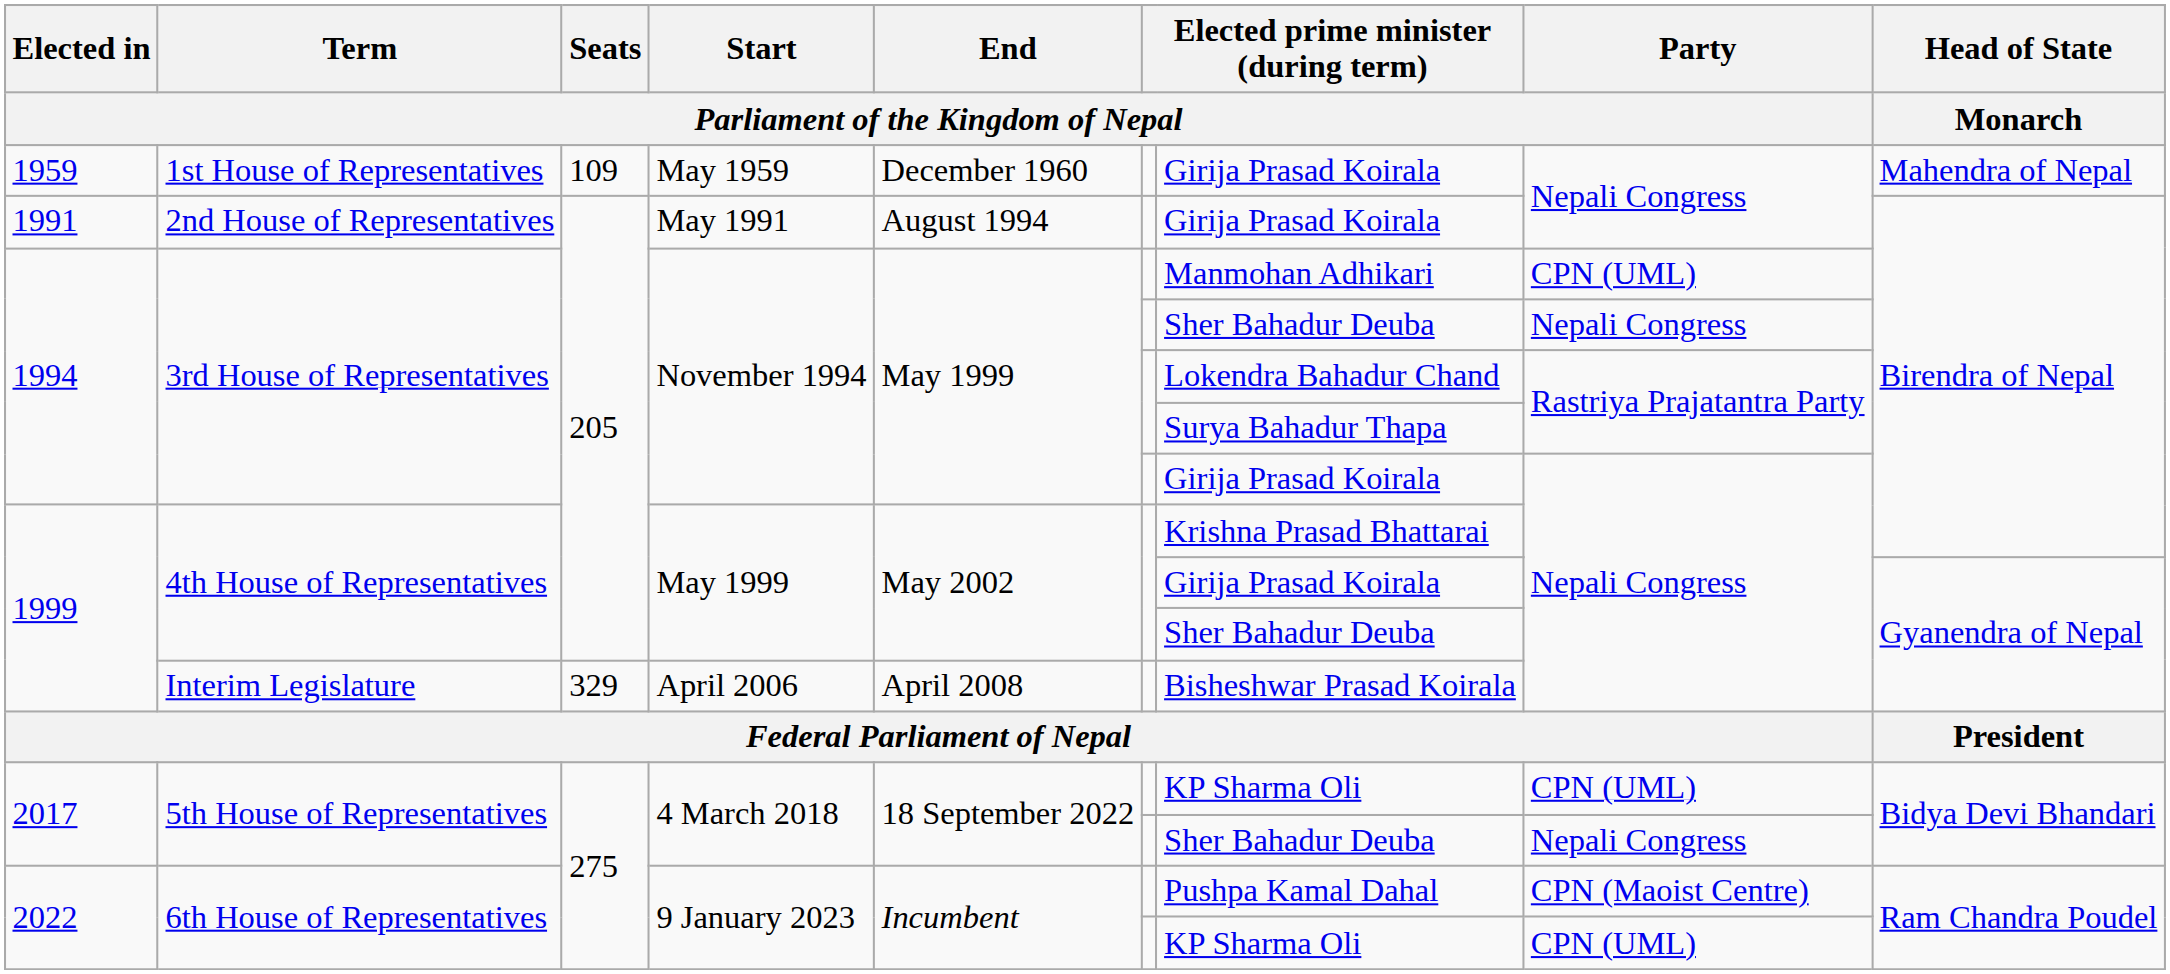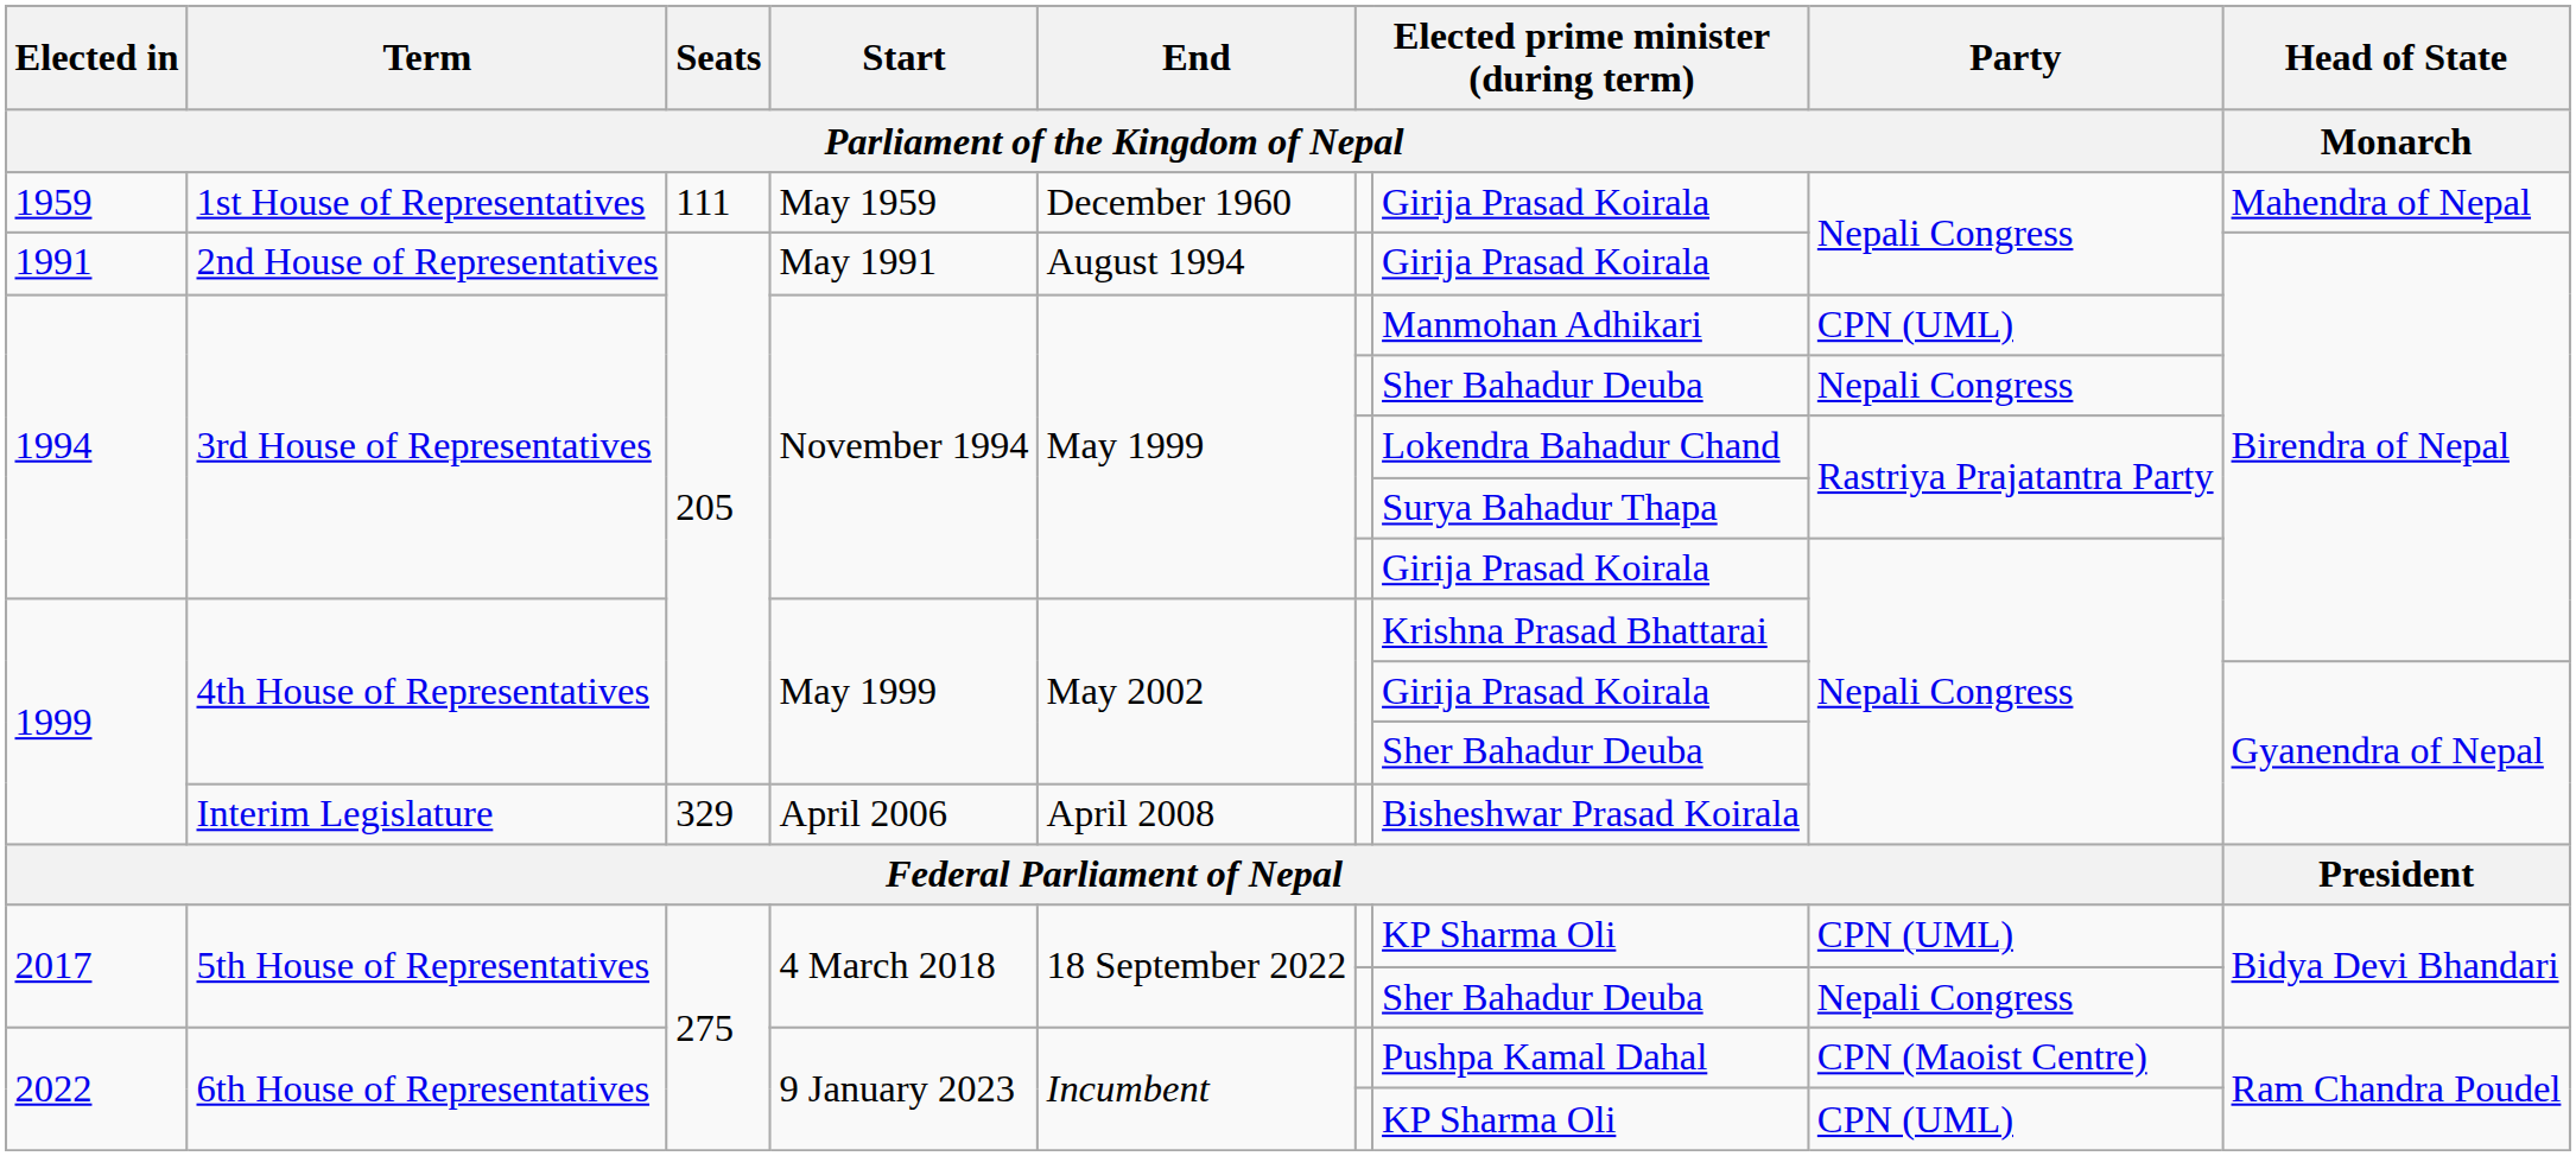 <table class="wikitable">
 <tr>
 <th>Elected in</th>
 <th>Term</th>
 <th>Seats</th>
 <th>Start</th>
 <th>End</th>
 <th colspan="2">Elected prime minister<br>(during term)</th>
 <th>Party</th>
 <th>Head of State</th>
 </tr>
 <tr>
 <th colspan="8"><em>Parliament of the Kingdom of Nepal</em></th>
 <th>Monarch</th>
 </tr>
 <tr>
 <td><a href='#'>1959</a></td>
 <td><a href='#'>1st House of Representatives</a></td>
-<td>109</td>
+<td>111</td>
 <td>May 1959</td>
 <td>December 1960</td>
 <td></td>
 <td><a href='#'>Girija Prasad Koirala</a></td>
 <td rowspan="2"><a href='#'>Nepali Congress</a></td>
 <td><a href='#'>Mahendra of Nepal</a></td>
 </tr>
 <tr>
 <td><a href='#'>1991</a></td>
 <td><a href='#'>2nd House of Representatives</a></td>
 <td rowspan="10">205</td>
 <td>May 1991</td>
 <td>August 1994</td>
 <td></td>
 <td><a href='#'>Girija Prasad Koirala</a></td>
 <td rowspan="8"><a href='#'>Birendra of Nepal</a></td>
 </tr>
 <tr>
 <td rowspan="5"><a href='#'>1994</a></td>
 <td rowspan="5"><a href='#'>3rd House of Representatives</a></td>
 <td rowspan="5">November 1994</td>
 <td rowspan="5">May 1999</td>
 <td></td>
 <td><a href='#'>Manmohan Adhikari</a></td>
 <td><a href='#'>CPN (UML)</a></td>
 </tr>
 <tr>
 <td></td>
 <td><a href='#'>Sher Bahadur Deuba</a></td>
 <td><a href='#'>Nepali Congress</a></td>
 </tr>
 <tr>
 <td rowspan="2"></td>
 <td><a href='#'>Lokendra Bahadur Chand</a></td>
 <td rowspan="2"><a href='#'>Rastriya Prajatantra Party</a></td>
 </tr>
 <tr>
 <td><a href='#'>Surya Bahadur Thapa</a></td>
 </tr>
 <tr>
 <td></td>
 <td><a href='#'>Girija Prasad Koirala</a></td>
 <td rowspan="6"><a href='#'>Nepali Congress</a></td>
 </tr>
 <tr>
 <td rowspan="5"><a href='#'>1999</a></td>
 <td rowspan="4"><a href='#'>4th House of Representatives</a></td>
 <td rowspan="4">May 1999</td>
 <td rowspan="4">May 2002</td>
 <td rowspan="4"></td>
 <td><a href='#'>Krishna Prasad Bhattarai</a></td>
 </tr>
 <tr>
 <td rowspan="2"><a href='#'>Girija Prasad Koirala</a></td>
 </tr>
 <tr>
 <td rowspan="3"><a href='#'>Gyanendra of Nepal</a></td>
 </tr>
 <tr>
 <td><a href='#'>Sher Bahadur Deuba</a></td>
 </tr>
 <tr>
 <td><a href='#'>Interim Legislature</a></td>
 <td>329</td>
 <td>April 2006</td>
 <td>April 2008</td>
 <td></td>
 <td><a href='#'>Bisheshwar Prasad Koirala</a></td>
 </tr>
 <tr>
 <th colspan="8"><em>Federal Parliament of Nepal</em></th>
 <th>President</th>
 </tr>
 <tr>
 <td rowspan="2"><a href='#'>2017</a></td>
 <td rowspan="2"><a href='#'>5th House of Representatives</a></td>
 <td rowspan="4">275</td>
 <td rowspan="2">4 March 2018</td>
 <td rowspan="2">18 September 2022</td>
 <td></td>
 <td><a href='#'>KP Sharma Oli</a></td>
 <td><a href='#'>CPN (UML)</a></td>
 <td rowspan="2"><a href='#'>Bidya Devi Bhandari</a></td>
 </tr>
 <tr>
 <td></td>
 <td><a href='#'>Sher Bahadur Deuba</a></td>
 <td><a href='#'>Nepali Congress</a></td>
 </tr>
 <tr>
 <td rowspan="2"><a href='#'>2022</a></td>
 <td rowspan="2"><a href='#'>6th House of Representatives</a></td>
 <td rowspan="2">9 January 2023</td>
 <td rowspan="2"><em>Incumbent</em></td>
 <td></td>
 <td><a href='#'>Pushpa Kamal Dahal</a></td>
 <td><a href='#'>CPN (Maoist Centre)</a></td>
 <td rowspan="2"><a href='#'>Ram Chandra Poudel</a></td>
 </tr>
 <tr>
 <td></td>
 <td><a href='#'>KP Sharma Oli</a></td>
 <td><a href='#'>CPN (UML)</a></td>
 </tr>
 </table>
